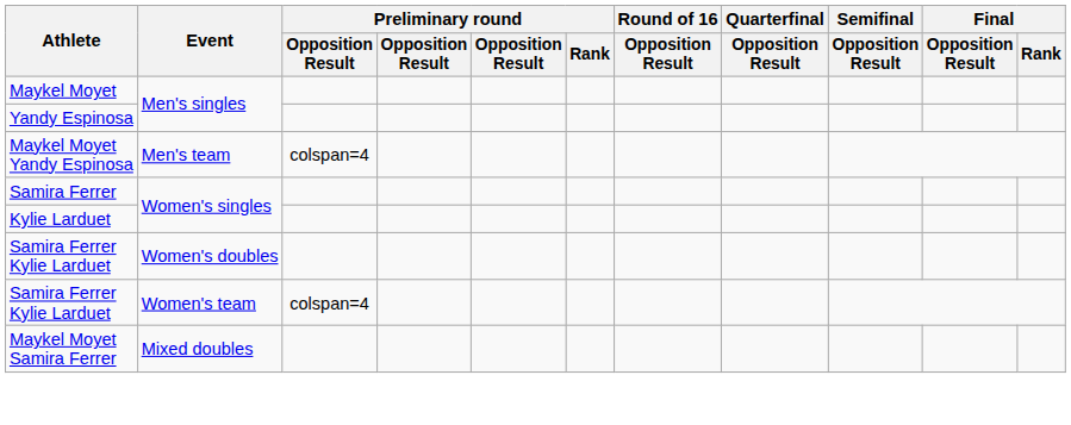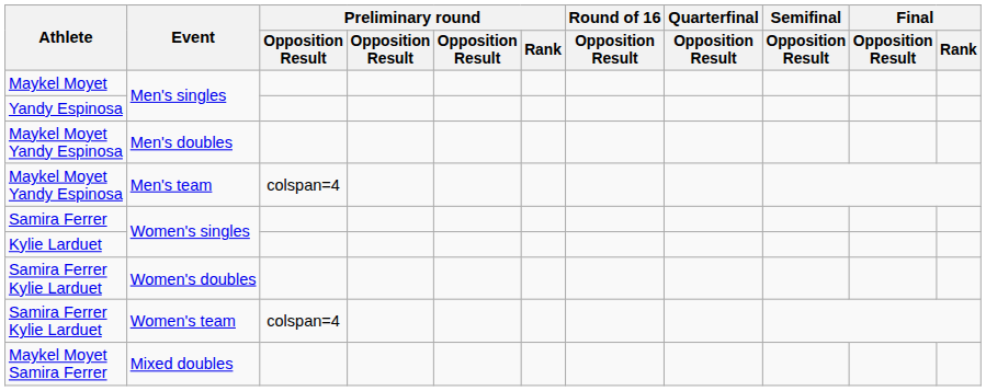 <table class="wikitable" style="font-size:90%;text-align:center">
 <tr>
 <th rowspan=2>Athlete</th>
 <th rowspan=2>Event</th>
 <th colspan=4>Preliminary round</th>
 <th>Round of 16</th>
 <th>Quarterfinal</th>
 <th>Semifinal</th>
 <th colspan=2>Final</th>
 </tr>
 <tr style=font-size:95%>
 <th>Opposition<br>Result</th>
 <th>Opposition<br>Result</th>
 <th>Opposition<br>Result</th>
 <th>Rank</th>
 <th>Opposition<br>Result</th>
 <th>Opposition<br>Result</th>
 <th>Opposition<br>Result</th>
 <th>Opposition<br>Result</th>
 <th>Rank</th>
 </tr>
 <tr>
 <td style="text-align:left"><a href='#'>Maykel Moyet</a></td>
 <td style="text-align:left" rowspan=2><a href='#'>Men's singles</a></td>
 <td></td>
 <td></td>
 <td></td>
 <td></td>
 <td></td>
 <td></td>
 <td></td>
 <td></td>
 <td></td>
 </tr>
 <tr>
 <td style="text-align:left"><a href='#'>Yandy Espinosa</a></td>
+<td></td>
+<td></td>
+<td></td>
+<td></td>
+<td></td>
+<td></td>
+<td></td>
+<td></td>
+<td></td>
+</tr>
+<tr>
+<td style="text-align:left"><a href='#'>Maykel Moyet</a><br><a href='#'>Yandy Espinosa</a></td>
+<td style="text-align:left"><a href='#'>Men's doubles</a></td>
 <td></td>
 <td></td>
 <td></td>
 <td></td>
 <td></td>
 <td></td>
 <td></td>
 <td></td>
 <td></td>
 </tr>
 <tr>
 <td style="text-align:left"><a href='#'>Maykel Moyet</a><br><a href='#'>Yandy Espinosa</a></td>
 <td style="text-align:left"><a href='#'>Men's team</a></td>
 <td>colspan=4 </td>
 <td></td>
 <td></td>
 <td></td>
 <td></td>
 <td></td>
 </tr>
 <tr>
 <td style="text-align:left"><a href='#'>Samira Ferrer</a></td>
 <td style="text-align:left" rowspan=2><a href='#'>Women's singles</a></td>
 <td></td>
 <td></td>
 <td></td>
 <td></td>
 <td></td>
 <td></td>
 <td></td>
 <td></td>
 <td></td>
 </tr>
 <tr>
 <td style="text-align:left"><a href='#'>Kylie Larduet</a></td>
 <td></td>
 <td></td>
 <td></td>
 <td></td>
 <td></td>
 <td></td>
 <td></td>
 <td></td>
 <td></td>
 </tr>
 <tr>
 <td style="text-align:left"><a href='#'>Samira Ferrer</a><br><a href='#'>Kylie Larduet</a></td>
 <td style="text-align:left"><a href='#'>Women's doubles</a></td>
 <td></td>
 <td></td>
 <td></td>
 <td></td>
 <td></td>
 <td></td>
 <td></td>
 <td></td>
 <td></td>
 </tr>
 <tr>
 <td style="text-align:left"><a href='#'>Samira Ferrer</a><br><a href='#'>Kylie Larduet</a></td>
 <td style="text-align:left"><a href='#'>Women's team</a></td>
 <td>colspan=4 </td>
 <td></td>
 <td></td>
 <td></td>
 <td></td>
 <td></td>
 </tr>
 <tr>
 <td style="text-align:left"><a href='#'>Maykel Moyet</a><br><a href='#'>Samira Ferrer</a></td>
 <td style="text-align:left"><a href='#'>Mixed doubles</a></td>
 <td></td>
 <td></td>
 <td></td>
 <td></td>
 <td></td>
 <td></td>
 <td></td>
 <td></td>
 <td></td>
 </tr>
 </table>
